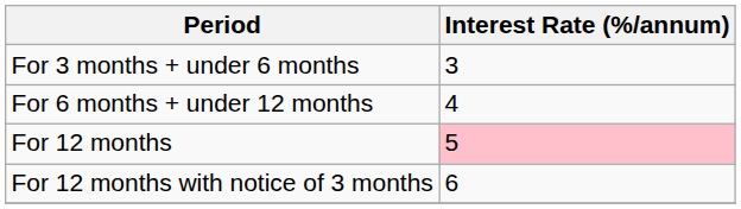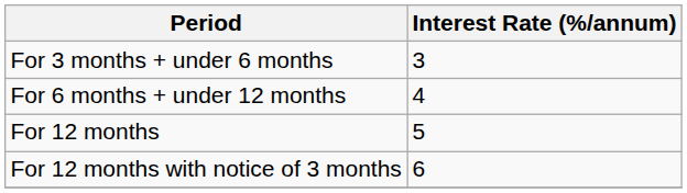 <table class="wikitable">
 <tr>
 <th>Period</th>
 <th>Interest Rate (%/annum)</th>
 </tr>
 <tr>
 <td>For 3 months + under 6 months</td>
 <td>3</td>
 </tr>
 <tr>
 <td>For 6 months + under 12 months</td>
 <td>4</td>
 </tr>
 <tr>
 <td>For 12 months</td>
-<td style="background: pink;">5</td>
+<td>5</td>
 </tr>
 <tr>
 <td>For 12 months with notice of 3 months</td>
 <td>6</td>
 </tr>
 <tr>
 </tr>
 </table>
